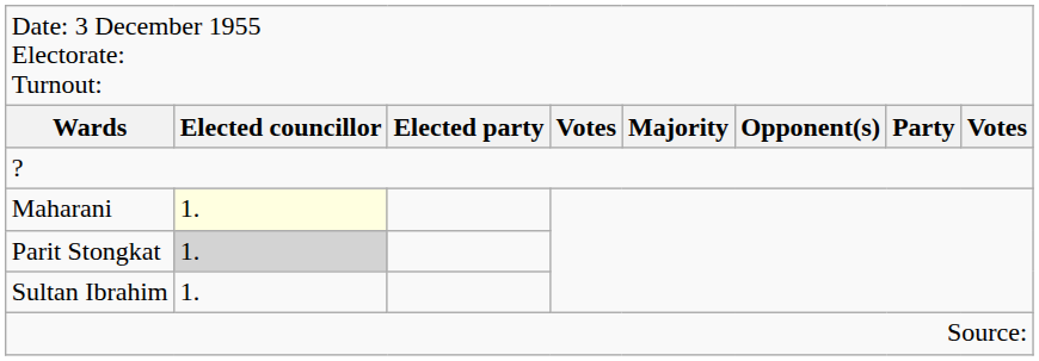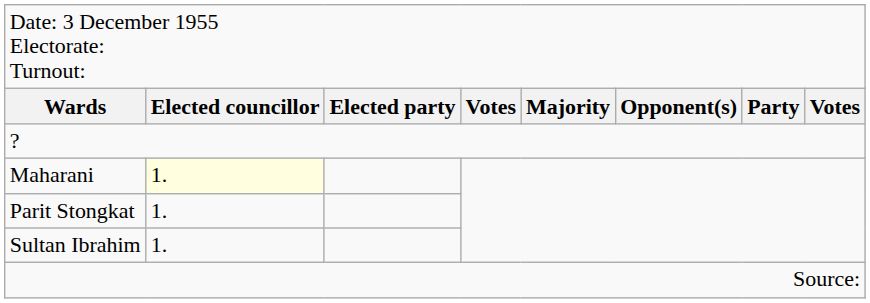 <table class=wikitable>
 <tr>
 <td colspan=8>Date: 3 December 1955<br>Electorate: <br>Turnout:</td>
 </tr>
 <tr>
 <th>Wards</th>
 <th>Elected councillor</th>
 <th>Elected party</th>
 <th>Votes</th>
 <th>Majority</th>
 <th>Opponent(s)</th>
 <th>Party</th>
 <th>Votes</th>
 </tr>
 <tr>
 <td colspan=8>? </td>
 </tr>
 <tr>
 <td>Maharani</td>
 <td style="background: lightyellow;">1.</td>
 <td></td>
 </tr>
 <tr>
 <td>Parit Stongkat</td>
-<td style="background: lightgrey;">1.</td>
+<td>1.</td>
 <td></td>
 </tr>
 <tr>
 <td>Sultan Ibrahim</td>
 <td>1.</td>
 <td></td>
 </tr>
 <tr>
 <td colspan="8" style="text-align:right;">Source: </td>
 </tr>
 </table>
